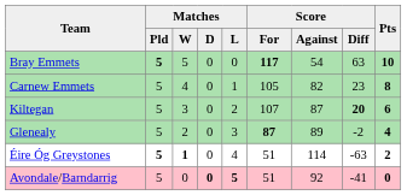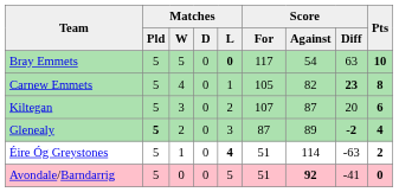 <table style=border-collapse:collapse border=1 cellspacing=0 cellpadding=5>
 <tr align=center bgcolor=#efefef>
 <th rowspan=2 width=165>Team</th>
 <th colspan=4>Matches</th>
 <th colspan=3>Score</th>
 <th rowspan=2width=20>Pts</th>
 </tr>
 <tr align=center bgcolor=#efefef>
 <th width=20>Pld</th>
 <th width=20>W</th>
 <th width=20>D</th>
 <th width=20>L</th>
 <th width=45>For</th>
 <th width=45>Against</th>
 <th width=30>Diff</th>
 </tr>
 <tr align=center style="background:#ACE1AF;">
 <td style="text-align:left;"><a href='#'>Bray Emmets</a></td>
-<td><strong>5</strong></td>
+<td>5</td>
 <td>5</td>
 <td>0</td>
-<td>0</td>
-<td><strong>117</strong></td>
+<td><strong>0</strong></td>
+<td>117</td>
 <td>54</td>
 <td>63</td>
 <td><strong>10</strong></td>
 </tr>
 <tr align=center style="background:#ACE1AF;">
 <td style="text-align:left;"><a href='#'>Carnew Emmets</a></td>
 <td>5</td>
 <td>4</td>
 <td>0</td>
 <td>1</td>
 <td>105</td>
 <td>82</td>
-<td>23</td>
+<td><strong>23</strong></td>
 <td><strong>8</strong></td>
 </tr>
 <tr align=center style="background:#ACE1AF;">
 <td style="text-align:left;"><a href='#'>Kiltegan</a></td>
 <td>5</td>
 <td>3</td>
 <td>0</td>
 <td>2</td>
 <td>107</td>
 <td>87</td>
-<td><strong>20</strong></td>
+<td>20</td>
 <td><strong>6</strong></td>
 </tr>
 <tr align=center style="background:#ACE1AF;">
 <td style="text-align:left;"><a href='#'>Glenealy</a></td>
-<td>5</td>
+<td><strong>5</strong></td>
 <td>2</td>
 <td>0</td>
 <td>3</td>
-<td><strong>87</strong></td>
+<td>87</td>
 <td>89</td>
-<td>-2</td>
+<td><strong>-2</strong></td>
 <td><strong>4</strong></td>
 </tr>
 <tr align=center>
 <td style="text-align:left;"><a href='#'>Éire Óg Greystones</a></td>
-<td><strong>5</strong></td>
-<td><strong>1</strong></td>
+<td>5</td>
+<td>1</td>
 <td>0</td>
-<td>4</td>
+<td><strong>4</strong></td>
 <td>51</td>
 <td>114</td>
 <td>-63</td>
 <td><strong>2</strong></td>
 </tr>
 <tr align=center  style="background:#FFC0CB;">
 <td style="text-align:left;"><a href='#'>Avondale</a>/<a href='#'>Barndarrig</a></td>
 <td>5</td>
 <td>0</td>
-<td><strong>0</strong></td>
-<td><strong>5</strong></td>
+<td>0</td>
+<td>5</td>
 <td>51</td>
-<td>92</td>
+<td><strong>92</strong></td>
 <td>-41</td>
 <td><strong>0</strong></td>
 </tr>
 </table>
